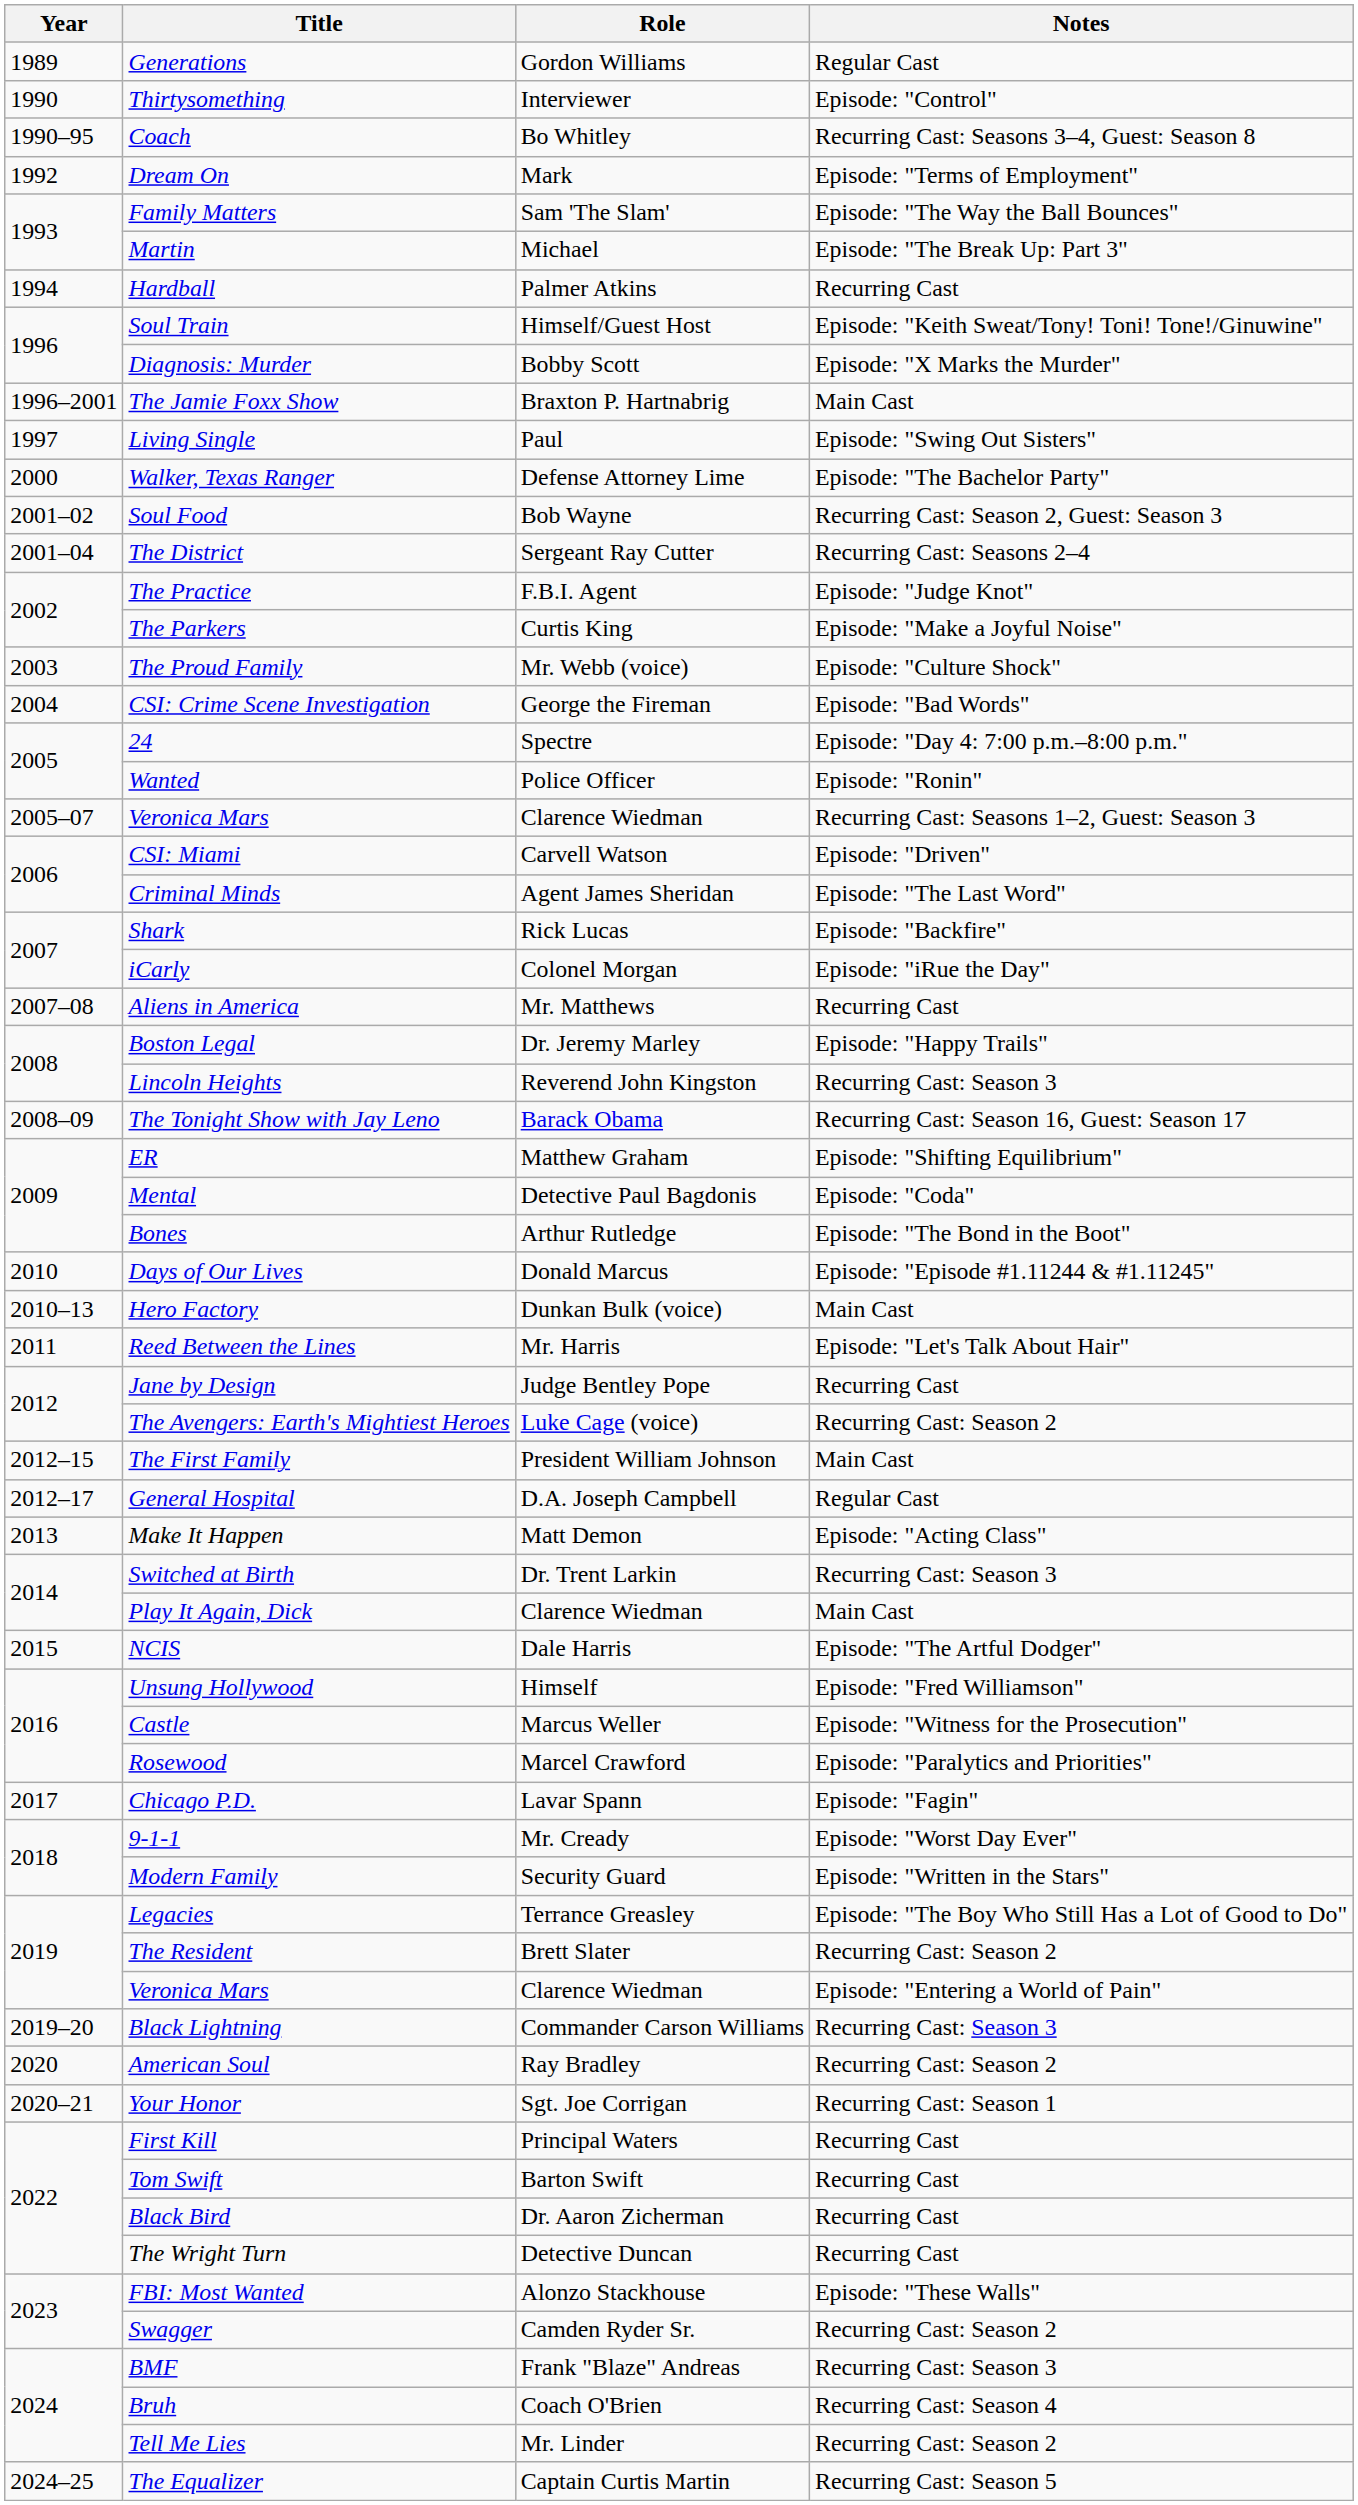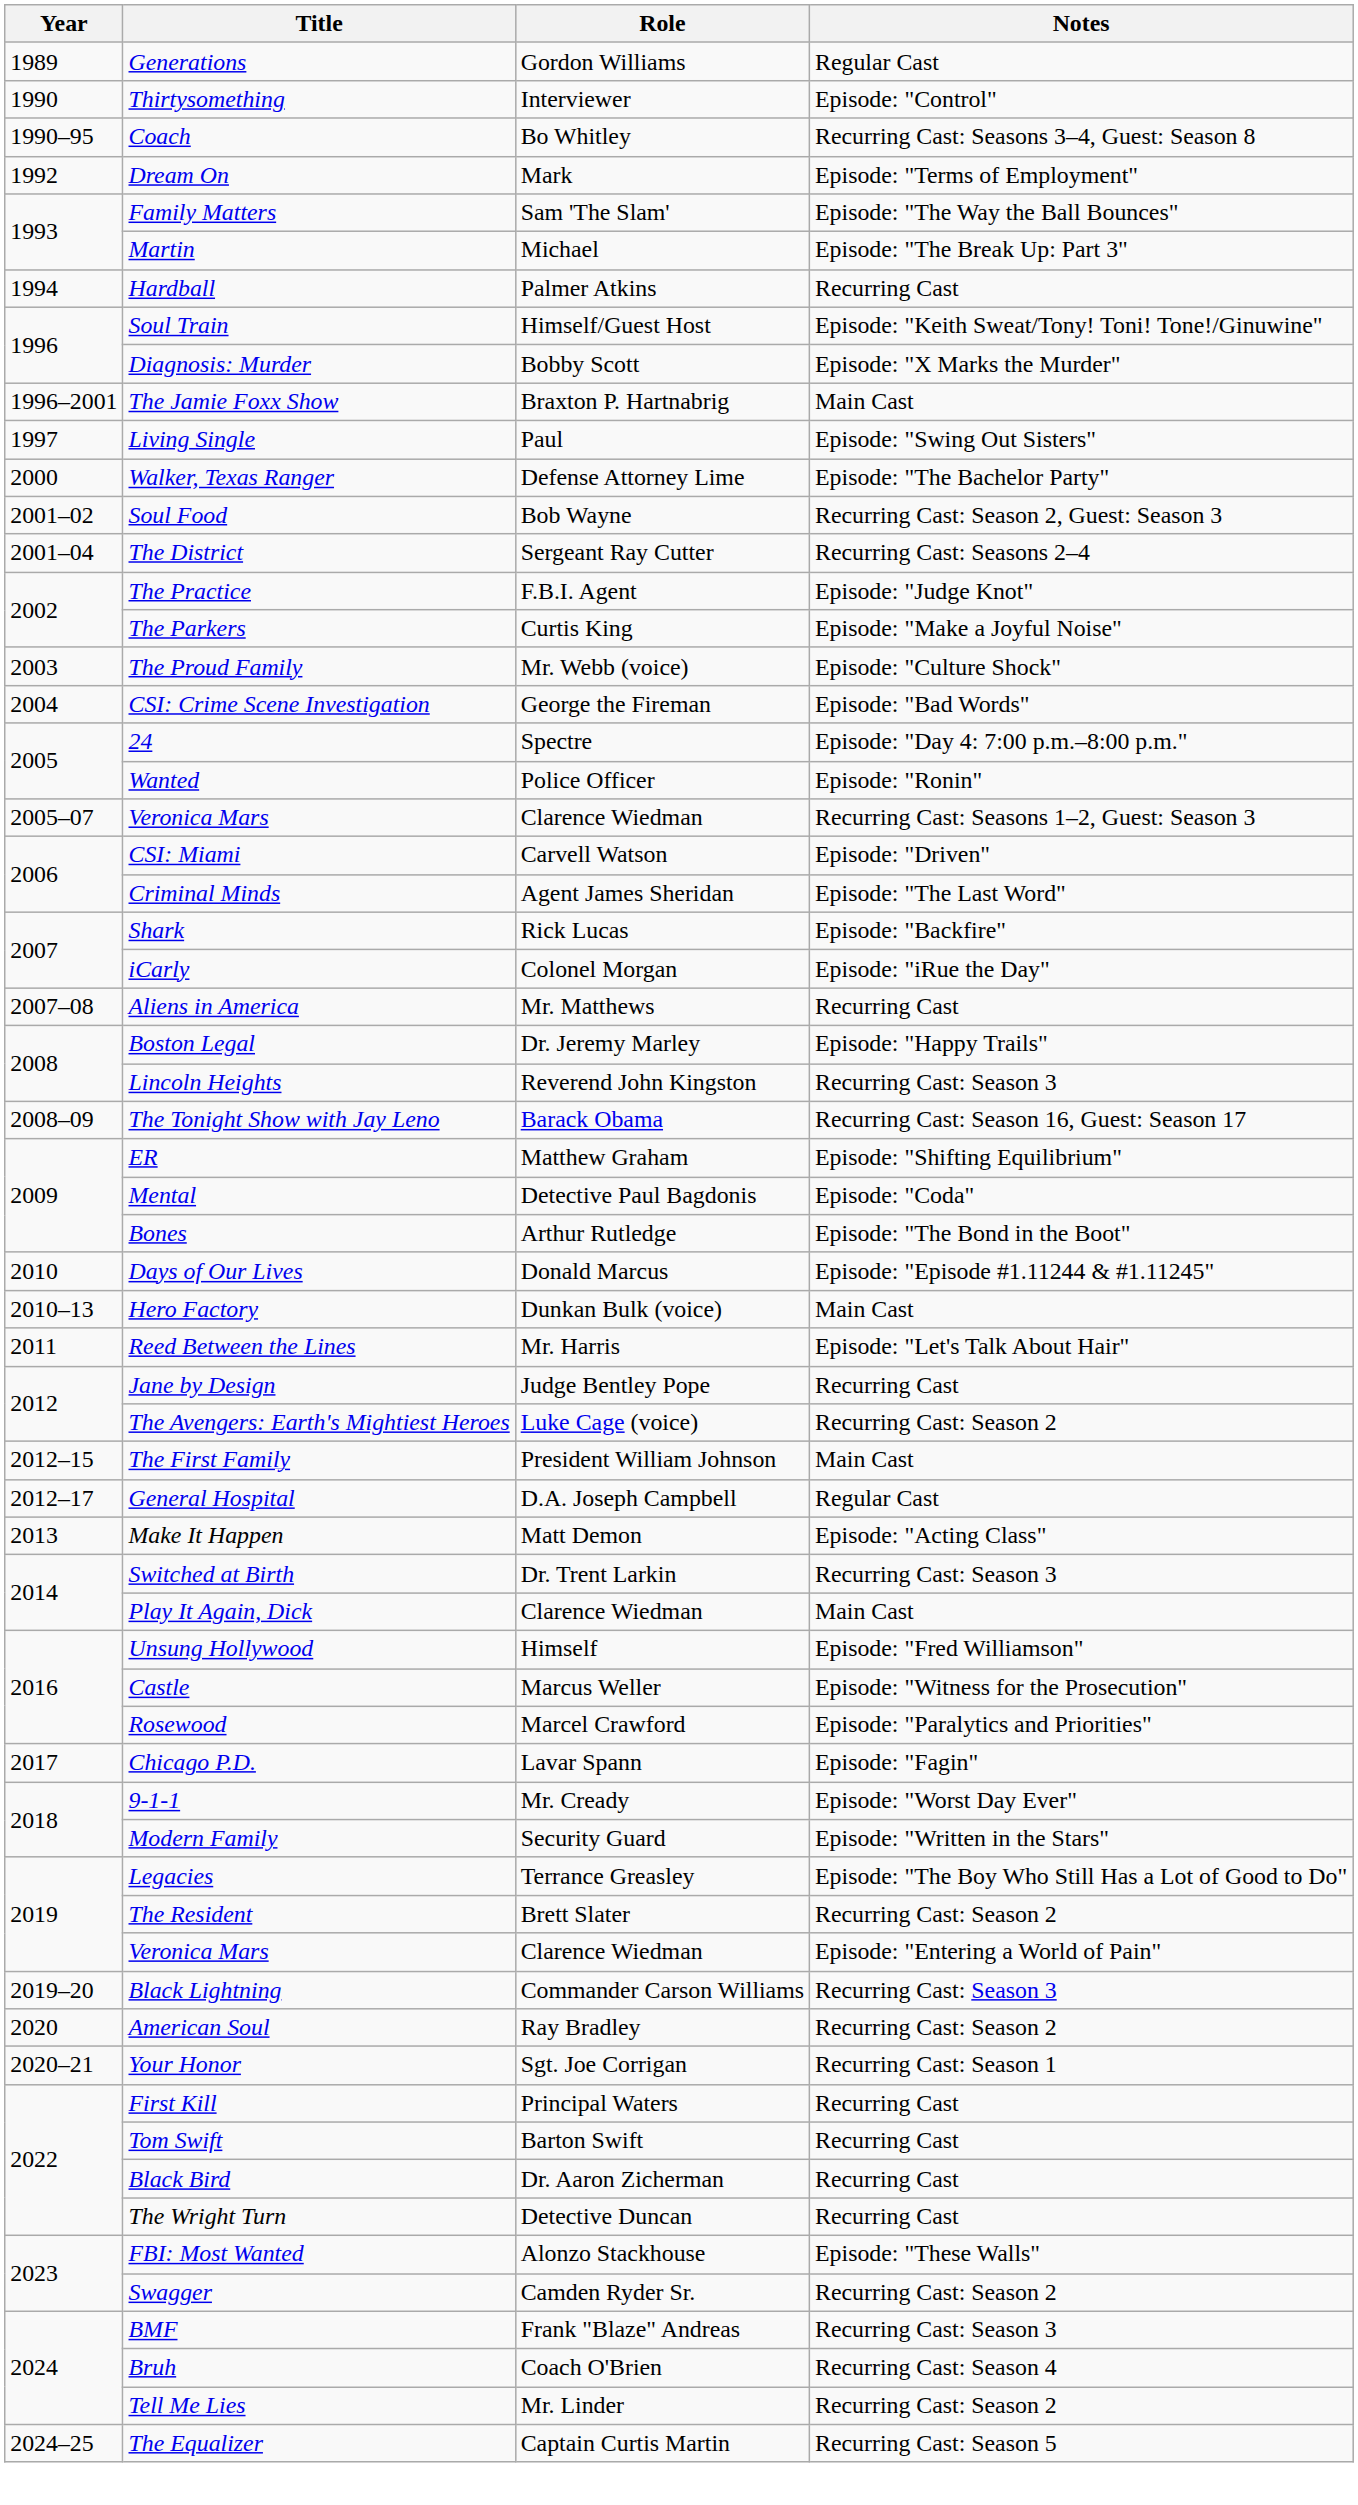 <table class="wikitable plainrowheaders sortable" style="margin–right: 0;">
 <tr>
 <th>Year</th>
 <th>Title</th>
 <th>Role</th>
 <th>Notes</th>
 </tr>
 <tr>
 <td>1989</td>
 <td><em><a href='#'>Generations</a></em></td>
 <td>Gordon Williams</td>
 <td>Regular Cast</td>
 </tr>
 <tr>
 <td>1990</td>
 <td><em><a href='#'>Thirtysomething</a></em></td>
 <td>Interviewer</td>
 <td>Episode: "Control"</td>
 </tr>
 <tr>
 <td>1990–95</td>
 <td><em><a href='#'>Coach</a></em></td>
 <td>Bo Whitley</td>
 <td>Recurring Cast: Seasons 3–4, Guest: Season 8</td>
 </tr>
 <tr>
 <td>1992</td>
 <td><em><a href='#'>Dream On</a></em></td>
 <td>Mark</td>
 <td>Episode: "Terms of Employment"</td>
 </tr>
 <tr>
 <td rowspan=2>1993</td>
 <td><em><a href='#'>Family Matters</a></em></td>
 <td>Sam 'The Slam'</td>
 <td>Episode: "The Way the Ball Bounces"</td>
 </tr>
 <tr>
 <td><em><a href='#'>Martin</a></em></td>
 <td>Michael</td>
 <td>Episode: "The Break Up: Part 3"</td>
 </tr>
 <tr>
 <td>1994</td>
 <td><em><a href='#'>Hardball</a></em></td>
 <td>Palmer Atkins</td>
 <td>Recurring Cast</td>
 </tr>
 <tr>
 <td rowspan=2>1996</td>
 <td><em><a href='#'>Soul Train</a></em></td>
 <td>Himself/Guest Host</td>
 <td>Episode: "Keith Sweat/Tony! Toni! Tone!/Ginuwine"</td>
 </tr>
 <tr>
 <td><em><a href='#'>Diagnosis: Murder</a></em></td>
 <td>Bobby Scott</td>
 <td>Episode: "X Marks the Murder"</td>
 </tr>
 <tr>
 <td>1996–2001</td>
 <td><em><a href='#'>The Jamie Foxx Show</a></em></td>
 <td>Braxton P. Hartnabrig</td>
 <td>Main Cast</td>
 </tr>
 <tr>
 <td>1997</td>
 <td><em><a href='#'>Living Single</a></em></td>
 <td>Paul</td>
 <td>Episode: "Swing Out Sisters"</td>
 </tr>
 <tr>
 <td>2000</td>
 <td><em><a href='#'>Walker, Texas Ranger</a></em></td>
 <td>Defense Attorney Lime</td>
 <td>Episode: "The Bachelor Party"</td>
 </tr>
 <tr>
 <td>2001–02</td>
 <td><em><a href='#'>Soul Food</a></em></td>
 <td>Bob Wayne</td>
 <td>Recurring Cast: Season 2, Guest: Season 3</td>
 </tr>
 <tr>
 <td>2001–04</td>
 <td><em><a href='#'>The District</a></em></td>
 <td>Sergeant Ray Cutter</td>
 <td>Recurring Cast: Seasons 2–4</td>
 </tr>
 <tr>
 <td rowspan=2>2002</td>
 <td><em><a href='#'>The Practice</a></em></td>
 <td>F.B.I. Agent</td>
 <td>Episode: "Judge Knot"</td>
 </tr>
 <tr>
 <td><em><a href='#'>The Parkers</a></em></td>
 <td>Curtis King</td>
 <td>Episode: "Make a Joyful Noise"</td>
 </tr>
 <tr>
 <td>2003</td>
 <td><em><a href='#'>The Proud Family</a></em></td>
 <td>Mr. Webb (voice)</td>
 <td>Episode: "Culture Shock"</td>
 </tr>
 <tr>
 <td>2004</td>
 <td><em><a href='#'>CSI: Crime Scene Investigation</a></em></td>
 <td>George the Fireman</td>
 <td>Episode: "Bad Words"</td>
 </tr>
 <tr>
 <td rowspan=2>2005</td>
 <td><em><a href='#'>24</a></em></td>
 <td>Spectre</td>
 <td>Episode: "Day 4: 7:00 p.m.–8:00 p.m."</td>
 </tr>
 <tr>
 <td><em><a href='#'>Wanted</a></em></td>
 <td>Police Officer</td>
 <td>Episode: "Ronin"</td>
 </tr>
 <tr>
 <td>2005–07</td>
 <td><em><a href='#'>Veronica Mars</a></em></td>
 <td>Clarence Wiedman</td>
 <td>Recurring Cast: Seasons 1–2, Guest: Season 3</td>
 </tr>
 <tr>
 <td rowspan=2>2006</td>
 <td><em><a href='#'>CSI: Miami</a></em></td>
 <td>Carvell Watson</td>
 <td>Episode: "Driven"</td>
 </tr>
 <tr>
 <td><em><a href='#'>Criminal Minds</a></em></td>
 <td>Agent James Sheridan</td>
 <td>Episode: "The Last Word"</td>
 </tr>
 <tr>
 <td rowspan=2>2007</td>
 <td><em><a href='#'>Shark</a></em></td>
 <td>Rick Lucas</td>
 <td>Episode: "Backfire"</td>
 </tr>
 <tr>
 <td><em><a href='#'>iCarly</a></em></td>
 <td>Colonel Morgan</td>
 <td>Episode: "iRue the Day"</td>
 </tr>
 <tr>
 <td>2007–08</td>
 <td><em><a href='#'>Aliens in America</a></em></td>
 <td>Mr. Matthews</td>
 <td>Recurring Cast</td>
 </tr>
 <tr>
 <td rowspan=2>2008</td>
 <td><em><a href='#'>Boston Legal</a></em></td>
 <td>Dr. Jeremy Marley</td>
 <td>Episode: "Happy Trails"</td>
 </tr>
 <tr>
 <td><em><a href='#'>Lincoln Heights</a></em></td>
 <td>Reverend John Kingston</td>
 <td>Recurring Cast: Season 3</td>
 </tr>
 <tr>
 <td>2008–09</td>
 <td><em><a href='#'>The Tonight Show with Jay Leno</a></em></td>
 <td><a href='#'>Barack Obama</a></td>
 <td>Recurring Cast: Season 16, Guest: Season 17</td>
 </tr>
 <tr>
 <td rowspan=3>2009</td>
 <td><em><a href='#'>ER</a></em></td>
 <td>Matthew Graham</td>
 <td>Episode: "Shifting Equilibrium"</td>
 </tr>
 <tr>
 <td><em><a href='#'>Mental</a></em></td>
 <td>Detective Paul Bagdonis</td>
 <td>Episode: "Coda"</td>
 </tr>
 <tr>
 <td><em><a href='#'>Bones</a></em></td>
 <td>Arthur Rutledge</td>
 <td>Episode: "The Bond in the Boot"</td>
 </tr>
 <tr>
 <td>2010</td>
 <td><em><a href='#'>Days of Our Lives</a></em></td>
 <td>Donald Marcus</td>
 <td>Episode: "Episode #1.11244 & #1.11245"</td>
 </tr>
 <tr>
 <td>2010–13</td>
 <td><em><a href='#'>Hero Factory</a></em></td>
 <td>Dunkan Bulk (voice)</td>
 <td>Main Cast</td>
 </tr>
 <tr>
 <td>2011</td>
 <td><em><a href='#'>Reed Between the Lines</a></em></td>
 <td>Mr. Harris</td>
 <td>Episode: "Let's Talk About Hair"</td>
 </tr>
 <tr>
 <td rowspan=2>2012</td>
 <td><em><a href='#'>Jane by Design</a></em></td>
 <td>Judge Bentley Pope</td>
 <td>Recurring Cast</td>
 </tr>
 <tr>
 <td><em><a href='#'>The Avengers: Earth's Mightiest Heroes</a></em></td>
 <td><a href='#'>Luke Cage</a> (voice)</td>
 <td>Recurring Cast: Season 2</td>
 </tr>
 <tr>
 <td>2012–15</td>
 <td><em><a href='#'>The First Family</a></em></td>
 <td>President William Johnson</td>
 <td>Main Cast</td>
 </tr>
 <tr>
 <td>2012–17</td>
 <td><em><a href='#'>General Hospital</a></em></td>
 <td>D.A. Joseph Campbell</td>
 <td>Regular Cast</td>
 </tr>
 <tr>
 <td>2013</td>
 <td><em>Make It Happen</em></td>
 <td>Matt Demon</td>
 <td>Episode: "Acting Class"</td>
 </tr>
 <tr>
 <td rowspan=2>2014</td>
 <td><em><a href='#'>Switched at Birth</a></em></td>
 <td>Dr. Trent Larkin</td>
 <td>Recurring Cast: Season 3</td>
 </tr>
 <tr>
 <td><em><a href='#'>Play It Again, Dick</a></em></td>
 <td>Clarence Wiedman</td>
 <td>Main Cast</td>
 </tr>
 <tr>
-<td>2015</td>
-<td><em><a href='#'>NCIS</a></em></td>
-<td>Dale Harris</td>
-<td>Episode: "The Artful Dodger"</td>
-</tr>
-<tr>
 <td rowspan=3>2016</td>
 <td><em><a href='#'>Unsung Hollywood</a></em></td>
 <td>Himself</td>
 <td>Episode: "Fred Williamson"</td>
 </tr>
 <tr>
 <td><em><a href='#'>Castle</a></em></td>
 <td>Marcus Weller</td>
 <td>Episode: "Witness for the Prosecution"</td>
 </tr>
 <tr>
 <td><em><a href='#'>Rosewood</a></em></td>
 <td>Marcel Crawford</td>
 <td>Episode: "Paralytics and Priorities"</td>
 </tr>
 <tr>
 <td>2017</td>
 <td><em><a href='#'>Chicago P.D.</a></em></td>
 <td>Lavar Spann</td>
 <td>Episode: "Fagin"</td>
 </tr>
 <tr>
 <td rowspan=2>2018</td>
 <td><em><a href='#'>9-1-1</a></em></td>
 <td>Mr. Cready</td>
 <td>Episode: "Worst Day Ever"</td>
 </tr>
 <tr>
 <td><em><a href='#'>Modern Family</a></em></td>
 <td>Security Guard</td>
 <td>Episode: "Written in the Stars"</td>
 </tr>
 <tr>
 <td rowspan=3>2019</td>
 <td><em><a href='#'>Legacies</a></em></td>
 <td>Terrance Greasley</td>
 <td>Episode: "The Boy Who Still Has a Lot of Good to Do"</td>
 </tr>
 <tr>
 <td><em><a href='#'>The Resident</a></em></td>
 <td>Brett Slater</td>
 <td>Recurring Cast: Season 2</td>
 </tr>
 <tr>
 <td><em><a href='#'>Veronica Mars</a></em></td>
 <td>Clarence Wiedman</td>
 <td>Episode: "Entering a World of Pain"</td>
 </tr>
 <tr>
 <td>2019–20</td>
 <td><em><a href='#'>Black Lightning</a></em></td>
 <td>Commander Carson Williams</td>
 <td>Recurring Cast: <a href='#'>Season 3</a></td>
 </tr>
 <tr>
 <td>2020</td>
 <td><em><a href='#'>American Soul</a></em></td>
 <td>Ray Bradley</td>
 <td>Recurring Cast: Season 2</td>
 </tr>
 <tr>
 <td>2020–21</td>
 <td><em><a href='#'>Your Honor</a></em></td>
 <td>Sgt. Joe Corrigan</td>
 <td>Recurring Cast: Season 1</td>
 </tr>
 <tr>
 <td rowspan=4>2022</td>
 <td><em><a href='#'>First Kill</a></em></td>
 <td>Principal Waters</td>
 <td>Recurring Cast</td>
 </tr>
 <tr>
 <td><em><a href='#'>Tom Swift</a></em></td>
 <td>Barton Swift</td>
 <td>Recurring Cast</td>
 </tr>
 <tr>
 <td><em><a href='#'>Black Bird</a></em></td>
 <td>Dr. Aaron Zicherman</td>
 <td>Recurring Cast</td>
 </tr>
 <tr>
 <td><em>The Wright Turn</em></td>
 <td>Detective Duncan</td>
 <td>Recurring Cast</td>
 </tr>
 <tr>
 <td rowspan=2>2023</td>
 <td><em><a href='#'>FBI: Most Wanted</a></em></td>
 <td>Alonzo Stackhouse</td>
 <td>Episode: "These Walls"</td>
 </tr>
 <tr>
 <td><em><a href='#'>Swagger</a></em></td>
 <td>Camden Ryder Sr.</td>
 <td>Recurring Cast: Season 2</td>
 </tr>
 <tr>
 <td rowspan=3>2024</td>
 <td><em><a href='#'>BMF</a></em></td>
 <td>Frank "Blaze" Andreas</td>
 <td>Recurring Cast: Season 3</td>
 </tr>
 <tr>
 <td><em><a href='#'>Bruh</a></em></td>
 <td>Coach O'Brien</td>
 <td>Recurring Cast: Season 4</td>
 </tr>
 <tr>
 <td><em><a href='#'>Tell Me Lies</a></em></td>
 <td>Mr. Linder</td>
 <td>Recurring Cast: Season 2</td>
 </tr>
 <tr>
 <td>2024–25</td>
 <td><em><a href='#'>The Equalizer</a></em></td>
 <td>Captain Curtis Martin</td>
 <td>Recurring Cast: Season 5</td>
 </tr>
 </table>
